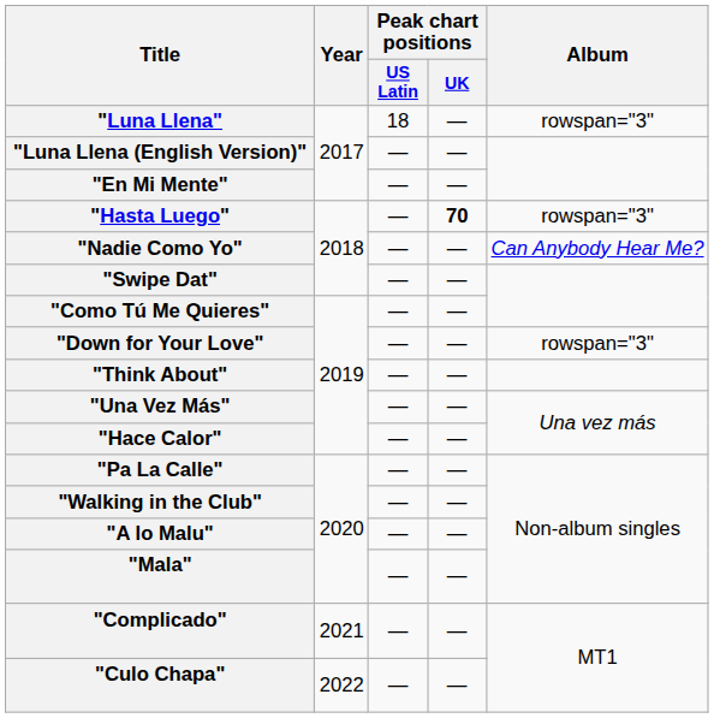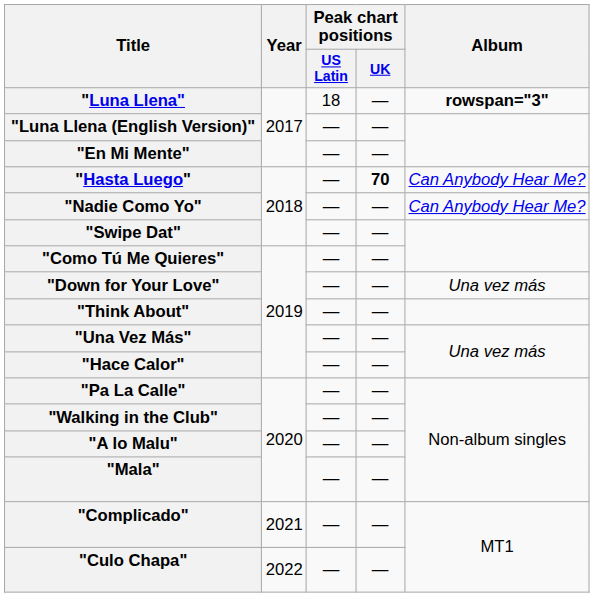 <table class="wikitable plainrowheaders" style="text-align:center;">
 <tr>
 <th rowspan="2" scope="col" style="width:15em;">Title</th>
 <th rowspan="2" scope="col" style="width:1em;">Year</th>
 <th colspan="2">Peak chart positions</th>
 <th rowspan="2" scope="col">Album</th>
 </tr>
 <tr>
 <th scope="col" style="width:3em;font-size:85%;"><a href='#'>US</a><br><a href='#'>Latin</a></th>
 <th scope="col" style="width:3em;font-size:85%;"><a href='#'>UK</a></th>
 </tr>
 <tr>
 <th scope="row">"<a href='#'>Luna Llena"</a></th>
 <td rowspan="3">2017</td>
 <td>18<br></td>
 <td>—</td>
-<td>rowspan="3" </td>
+<td><strong>rowspan="3" </strong></td>
 </tr>
 <tr>
 <th scope="row">"Luna Llena (English Version)"</th>
 <td>—</td>
 <td>—</td>
 </tr>
 <tr>
 <th scope="row">"En Mi Mente"</th>
 <td>—</td>
 <td>—</td>
 </tr>
 <tr>
 <th scope="row">"<a href='#'>Hasta Luego</a>"<br></th>
 <td rowspan="3">2018</td>
 <td>—</td>
 <td><strong>70<br></strong></td>
-<td>rowspan="3" </td>
+<td><em><a href='#'>Can Anybody Hear Me?</a></em></td>
 </tr>
 <tr>
 <th scope="row">"Nadie Como Yo"<br></th>
 <td>—</td>
 <td>—</td>
 <td><em><a href='#'>Can Anybody Hear Me?</a></em></td>
 </tr>
 <tr>
 <th scope="row">"Swipe Dat"</th>
 <td>—</td>
 <td>—</td>
 </tr>
 <tr>
 <th scope="row">"Como Tú Me Quieres"</th>
 <td rowspan="5">2019</td>
 <td>—</td>
 <td>—</td>
 </tr>
 <tr>
 <th scope="row">"Down for Your Love"</th>
 <td>—</td>
 <td>—</td>
-<td>rowspan="3" </td>
+<td><em>Una vez más</em></td>
 </tr>
 <tr>
 <th scope="row">"Think About"<br></th>
 <td>—</td>
 <td>—</td>
 <td></td>
 </tr>
 <tr>
 <th scope="row">"Una Vez Más"</th>
 <td>—</td>
 <td>—</td>
 <td rowspan="2"><em>Una vez más</em></td>
 </tr>
 <tr>
 <th scope="row">"Hace Calor"<br></th>
 <td>—</td>
 <td>—</td>
 </tr>
 <tr>
 <th scope="row">"Pa La Calle"</th>
 <td rowspan="4">2020</td>
 <td>—</td>
 <td>—</td>
 <td rowspan="4">Non-album singles</td>
 </tr>
 <tr>
 <th scope="row">"Walking in the Club"</th>
 <td>—</td>
 <td>—</td>
 </tr>
 <tr>
 <th scope="row">"A lo Malu"</th>
 <td>—</td>
 <td>—</td>
 </tr>
 <tr>
 <th scope="row">"Mala" <br><br></th>
 <td>—</td>
 <td>—</td>
 </tr>
 <tr>
 <th scope="row">"Complicado" <br><br></th>
 <td>2021</td>
 <td>—</td>
 <td>—</td>
 <td rowspan="2">MT1</td>
 </tr>
 <tr>
 <th scope="row">"Culo Chapa" <br><br></th>
 <td>2022</td>
 <td>—</td>
 <td>—</td>
 </tr>
 </table>
